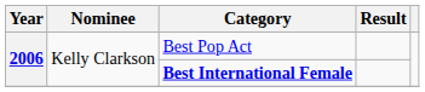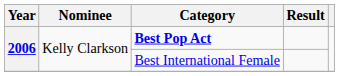 <table class="wikitable plainrowheaders">
 <tr>
 <th>Year</th>
 <th>Nominee</th>
 <th>Category</th>
 <th>Result</th>
 <th></th>
 </tr>
 <tr>
 <th scope="row" rowspan="2"><a href='#'>2006</a></th>
 <td rowspan="2">Kelly Clarkson</td>
-<td><a href='#'>Best Pop Act</a></td>
+<td><strong><a href='#'>Best Pop Act</a></strong></td>
 <td></td>
 <td align="center" rowspan="2"></td>
 </tr>
 <tr>
-<td><strong><a href='#'>Best International Female</a></strong></td>
+<td><a href='#'>Best International Female</a></td>
 <td></td>
 </tr>
 <tr>
 </tr>
 </table>
